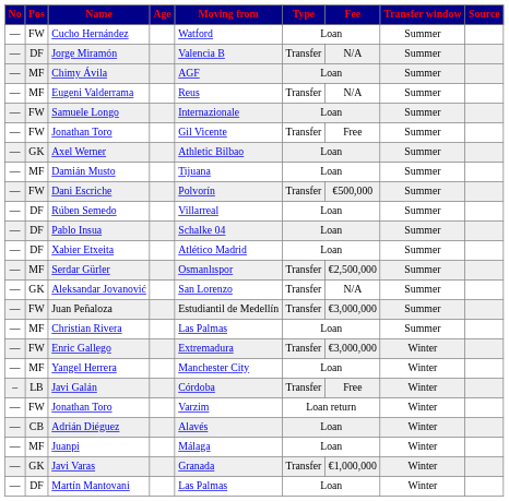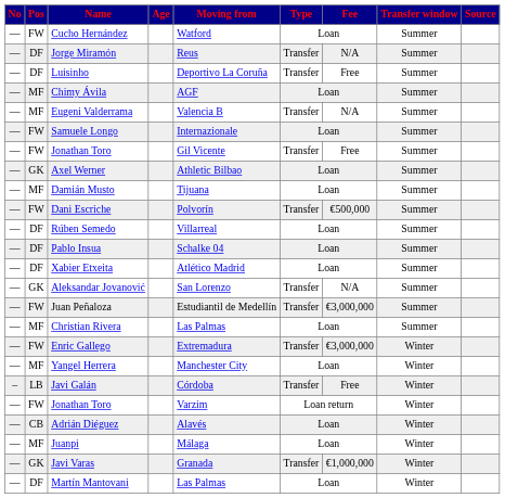 <table cellpadding="4" cellspacing="0" border="1" style="text-align: center; font-size: 85%; border: gray solid 1px; border-collapse: collapse;">
 <tr style="background:#000088; color:red;">
 <th>No</th>
 <th>Pos</th>
 <th>Name</th>
 <th>Age</th>
 <th>Moving from</th>
 <th>Type</th>
 <th>Fee</th>
 <th>Transfer window</th>
 <th>Source</th>
 </tr>
 <tr>
 <td>—</td>
 <td>FW</td>
 <td align="left"> <a href='#'>Cucho Hernández</a></td>
 <td></td>
 <td align="left"> <a href='#'>Watford</a></td>
 <td colspan=2>Loan</td>
 <td>Summer</td>
 <td></td>
 </tr>
 <tr bgcolor="#EFEFEF">
 <td>—</td>
 <td>DF</td>
 <td align="left"> <a href='#'>Jorge Miramón</a></td>
 <td></td>
-<td align="left"><a href='#'>Valencia B</a></td>
+<td align="left"><a href='#'>Reus</a></td>
 <td>Transfer</td>
 <td>N/A</td>
+<td>Summer</td>
+<td></td>
+</tr>
+<tr>
+<td>—</td>
+<td>DF</td>
+<td align="left"> <a href='#'>Luisinho</a></td>
+<td></td>
+<td align="left"><a href='#'>Deportivo La Coruña</a></td>
+<td>Transfer</td>
+<td>Free</td>
 <td>Summer</td>
 <td></td>
 </tr>
 <tr bgcolor="#EFEFEF">
 <td>—</td>
 <td>MF</td>
 <td align="left"> <a href='#'>Chimy Ávila</a></td>
 <td></td>
 <td align="left"> <a href='#'>AGF</a></td>
 <td colspan=2>Loan</td>
 <td>Summer</td>
 <td></td>
 </tr>
 <tr>
 <td>—</td>
 <td>MF</td>
 <td align="left"> <a href='#'>Eugeni Valderrama</a></td>
 <td></td>
-<td align="left"><a href='#'>Reus</a></td>
+<td align="left"><a href='#'>Valencia B</a></td>
 <td>Transfer</td>
 <td>N/A</td>
 <td>Summer</td>
 <td></td>
 </tr>
 <tr bgcolor="#EFEFEF">
 <td>—</td>
 <td>FW</td>
 <td align="left"> <a href='#'>Samuele Longo</a></td>
 <td></td>
 <td align="left"> <a href='#'>Internazionale</a></td>
 <td colspan=2>Loan</td>
 <td>Summer</td>
 <td></td>
 </tr>
 <tr>
 <td>—</td>
 <td>FW</td>
 <td align="left"> <a href='#'>Jonathan Toro</a></td>
 <td></td>
 <td align="left"> <a href='#'>Gil Vicente</a></td>
 <td>Transfer</td>
 <td>Free</td>
 <td>Summer</td>
 <td></td>
 </tr>
 <tr bgcolor="#EFEFEF">
 <td —>—</td>
 <td>GK</td>
 <td align="left"> <a href='#'>Axel Werner</a></td>
 <td></td>
 <td align="left"><a href='#'>Athletic Bilbao</a></td>
 <td colspan=2>Loan</td>
 <td>Summer</td>
 <td></td>
 </tr>
 <tr>
 <td>—</td>
 <td>MF</td>
 <td align="left"> <a href='#'>Damián Musto</a></td>
 <td></td>
 <td align="left"> <a href='#'>Tijuana</a></td>
 <td colspan=2>Loan</td>
 <td>Summer</td>
 <td></td>
 </tr>
 <tr bgcolor="#EFEFEF">
 <td>—</td>
 <td>FW</td>
 <td align="left"> <a href='#'>Dani Escriche</a></td>
 <td></td>
 <td align="left"><a href='#'>Polvorín</a></td>
 <td>Transfer</td>
 <td>€500,000</td>
 <td>Summer</td>
 <td></td>
 </tr>
 <tr>
 <td>—</td>
 <td>DF</td>
 <td align="left"> <a href='#'>Rúben Semedo</a></td>
 <td></td>
 <td align="left"><a href='#'>Villarreal</a></td>
 <td colspan=2>Loan</td>
 <td>Summer</td>
 <td></td>
 </tr>
 <tr bgcolor="#EFEFEF">
 <td>—</td>
 <td>DF</td>
 <td align="left"> <a href='#'>Pablo Insua</a></td>
 <td></td>
 <td align="left"> <a href='#'>Schalke 04</a></td>
 <td colspan=2>Loan</td>
 <td>Summer</td>
 <td></td>
 </tr>
 <tr>
 <td>—</td>
 <td>DF</td>
 <td align="left"> <a href='#'>Xabier Etxeita</a></td>
 <td></td>
 <td align="left"><a href='#'>Atlético Madrid</a></td>
 <td colspan=2>Loan</td>
-<td>Summer</td>
-<td></td>
-</tr>
-<tr bgcolor="#EFEFEF">
-<td>—</td>
-<td>MF</td>
-<td align="left"> <a href='#'>Serdar Gürler</a></td>
-<td></td>
-<td align="left"> <a href='#'>Osmanlıspor</a></td>
-<td>Transfer</td>
-<td>€2,500,000</td>
 <td>Summer</td>
 <td></td>
 </tr>
 <tr>
 <td>—</td>
 <td>GK</td>
 <td align="left"> <a href='#'>Aleksandar Jovanović</a></td>
 <td></td>
 <td align="left"> <a href='#'>San Lorenzo</a></td>
 <td>Transfer</td>
 <td>N/A</td>
 <td>Summer</td>
 <td></td>
 </tr>
 <tr bgcolor="#EFEFEF">
 <td>—</td>
 <td>FW</td>
 <td align="left"> Juan Peñaloza</td>
 <td></td>
 <td align="left"> Estudiantil de Medellín</td>
 <td>Transfer</td>
 <td>€3,000,000</td>
 <td>Summer</td>
 <td></td>
 </tr>
 <tr>
 <td>—</td>
 <td>MF</td>
 <td align="left"> <a href='#'>Christian Rivera</a></td>
 <td></td>
 <td align="left"><a href='#'>Las Palmas</a></td>
 <td colspan=2>Loan</td>
 <td>Summer</td>
 <td></td>
 </tr>
 <tr bgcolor="#EFEFEF">
 <td>—</td>
 <td>FW</td>
 <td align="left"> <a href='#'>Enric Gallego</a></td>
 <td></td>
 <td align="left"><a href='#'>Extremadura</a></td>
 <td>Transfer</td>
 <td>€3,000,000</td>
 <td>Winter</td>
 <td></td>
 </tr>
 <tr>
 <td>—</td>
 <td>MF</td>
 <td align="left"> <a href='#'>Yangel Herrera</a></td>
 <td></td>
 <td align="left"> <a href='#'>Manchester City</a></td>
 <td colspan=2>Loan</td>
 <td>Winter</td>
 <td></td>
 </tr>
 <tr bgcolor="#EFEFEF">
 <td>–</td>
 <td>LB</td>
 <td align="left"> <a href='#'>Javi Galán</a></td>
 <td></td>
 <td align="left"><a href='#'>Córdoba</a></td>
 <td>Transfer</td>
 <td>Free</td>
 <td>Winter</td>
 <td></td>
 </tr>
 <tr>
 <td>—</td>
 <td>FW</td>
 <td align="left"> <a href='#'>Jonathan Toro</a></td>
 <td></td>
 <td align="left"> <a href='#'>Varzim</a></td>
 <td colspan=2>Loan return</td>
 <td>Winter</td>
 <td></td>
 </tr>
 <tr bgcolor="#EFEFEF">
 <td>—</td>
 <td>CB</td>
 <td align="left"> <a href='#'>Adrián Diéguez</a></td>
 <td></td>
 <td align="left"><a href='#'>Alavés</a></td>
 <td colspan=2>Loan</td>
 <td>Winter</td>
 <td></td>
 </tr>
 <tr>
 <td>—</td>
 <td>MF</td>
 <td align="left"> <a href='#'>Juanpi</a></td>
 <td></td>
 <td align="left"><a href='#'>Málaga</a></td>
 <td colspan=2>Loan</td>
 <td>Winter</td>
 <td></td>
 </tr>
 <tr bgcolor="#EFEFEF">
 <td>—</td>
 <td>GK</td>
 <td align="left"> <a href='#'>Javi Varas</a></td>
 <td></td>
 <td align="left"><a href='#'>Granada</a></td>
 <td>Transfer</td>
 <td>€1,000,000</td>
 <td>Winter</td>
 <td></td>
 </tr>
 <tr>
 <td>—</td>
 <td>DF</td>
 <td align="left"> <a href='#'>Martín Mantovani</a></td>
 <td></td>
 <td align="left"><a href='#'>Las Palmas</a></td>
 <td colspan=2>Loan</td>
 <td>Winter</td>
 <td></td>
 </tr>
 </table>
